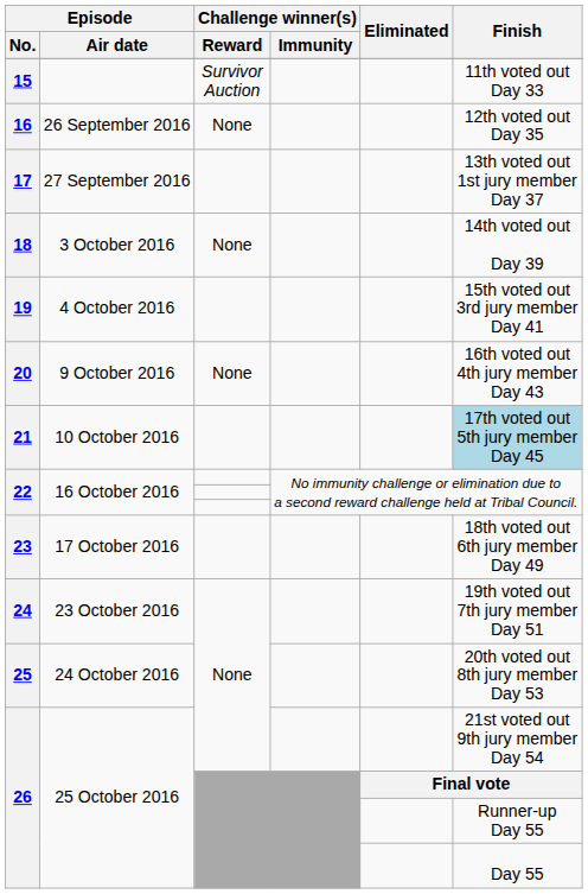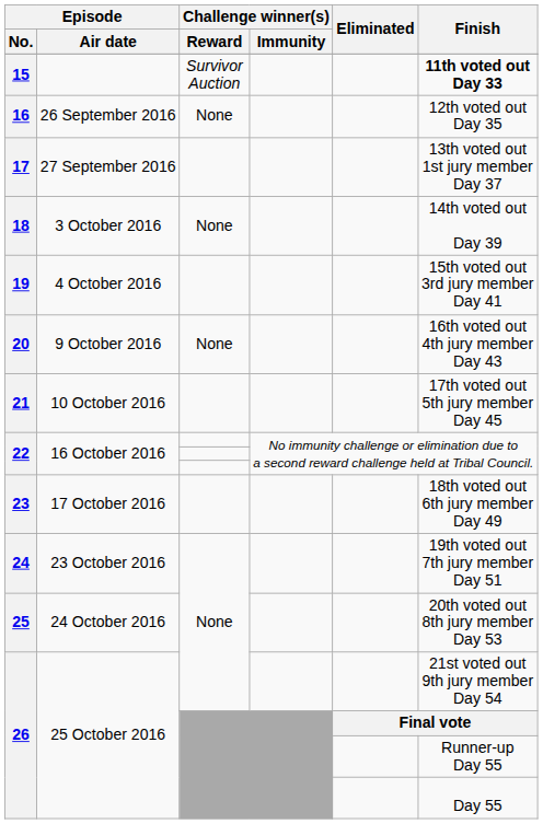 <table class="wikitable nowrap" style="text-align:center; font-size:100%">
 <tr>
 <th colspan="2"><strong>Episode</strong></th>
 <th colspan="2"><strong>Challenge winner(s)</strong></th>
 <th rowspan="2"><strong>Eliminated</strong></th>
 <th rowspan="2"><strong>Finish</strong></th>
 </tr>
 <tr>
 <th><strong>No.</strong></th>
 <th><strong>Air date</strong></th>
 <th><strong>Reward</strong></th>
 <th><strong>Immunity</strong></th>
 </tr>
 <tr>
 </tr>
 <tr>
 <th><a href='#'>15</a></th>
 <td></td>
 <td><em>Survivor<br>Auction</em></td>
 <td></td>
 <td></td>
-<td>11th voted out<br>Day 33</td>
+<td><strong>11th voted out<br>Day 33</strong></td>
 </tr>
 <tr>
 <th><a href='#'>16</a></th>
 <td>26 September 2016</td>
 <td>None</td>
 <td></td>
 <td></td>
 <td>12th voted out<br>Day 35</td>
 </tr>
 <tr>
 <th><a href='#'>17</a></th>
 <td>27 September 2016</td>
 <td></td>
 <td></td>
 <td></td>
 <td>13th voted out<br>1st jury member<br>Day 37</td>
 </tr>
 <tr>
 <th><a href='#'>18</a></th>
 <td>3 October 2016</td>
 <td>None</td>
 <td></td>
 <td></td>
 <td>14th voted out<br><br>Day 39</td>
 </tr>
 <tr>
 <th><a href='#'>19</a></th>
 <td>4 October 2016</td>
 <td></td>
 <td></td>
 <td></td>
 <td>15th voted out<br>3rd jury member<br>Day 41</td>
 </tr>
 <tr>
 <th><a href='#'>20</a></th>
 <td>9 October 2016</td>
 <td>None</td>
 <td></td>
 <td></td>
 <td>16th voted out<br>4th jury member<br>Day 43</td>
 </tr>
 <tr>
 <th><a href='#'>21</a></th>
 <td>10 October 2016</td>
 <td></td>
 <td></td>
 <td></td>
-<td style="background: lightblue;">17th voted out<br>5th jury member<br>Day 45</td>
+<td>17th voted out<br>5th jury member<br>Day 45</td>
 </tr>
 <tr>
 <th rowspan="3"><a href='#'>22</a></th>
 <td rowspan="3">16 October 2016</td>
 <td></td>
 <td rowspan="3" colspan="3"><small><em>No immunity challenge or elimination due to<br>a second reward challenge held at Tribal Council.</em></small></td>
 </tr>
 <tr>
 <td></td>
 </tr>
 <tr>
 <td></td>
 </tr>
 <tr>
 <th><a href='#'>23</a></th>
 <td>17 October 2016</td>
 <td></td>
 <td></td>
 <td></td>
 <td>18th voted out<br>6th jury member<br>Day 49</td>
 </tr>
 <tr>
 <th><a href='#'>24</a></th>
 <td>23 October 2016</td>
 <td rowspan=3>None</td>
 <td></td>
 <td></td>
 <td>19th voted out<br>7th jury member<br>Day 51</td>
 </tr>
 <tr>
 <th><a href='#'>25</a></th>
 <td>24 October 2016</td>
 <td></td>
 <td></td>
 <td>20th voted out<br>8th jury member<br>Day 53</td>
 </tr>
 <tr>
 <th rowspan="4"><a href='#'>26</a></th>
 <td rowspan="4">25 October 2016</td>
 <td></td>
 <td></td>
 <td>21st voted out<br>9th jury member<br>Day 54</td>
 </tr>
 <tr>
 <td rowspan="3" colspan="2" bgcolor="darkgray"></td>
 <th colspan="2"><strong>Final vote</strong></th>
 </tr>
 <tr>
 <td></td>
 <td>Runner-up<br>Day 55</td>
 </tr>
 <tr>
 <td></td>
 <td><br>Day 55</td>
 </tr>
 </table>
